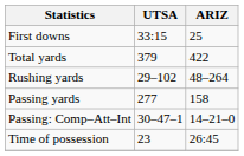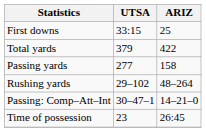 <table class="wikitable" style="float: left;">
 <tr>
 <th>Statistics</th>
 <th>UTSA</th>
 <th>ARIZ</th>
 </tr>
 <tr>
 <td>First downs</td>
 <td>33:15</td>
 <td>25</td>
 </tr>
 <tr>
 <td>Total yards</td>
 <td>379</td>
 <td>422</td>
 </tr>
 <tr>
+<td>Passing yards</td>
+<td>277</td>
+<td>158</td>
+</tr>
+<tr>
 <td>Rushing yards</td>
 <td>29–102</td>
 <td>48–264</td>
-</tr>
-<tr>
-<td>Passing yards</td>
-<td>277</td>
-<td>158</td>
 </tr>
 <tr>
 <td>Passing: Comp–Att–Int</td>
 <td>30–47–1</td>
 <td>14–21–0</td>
 </tr>
 <tr>
 <td>Time of possession</td>
 <td>23</td>
 <td>26:45</td>
 </tr>
 <tr>
 </tr>
 </table>
